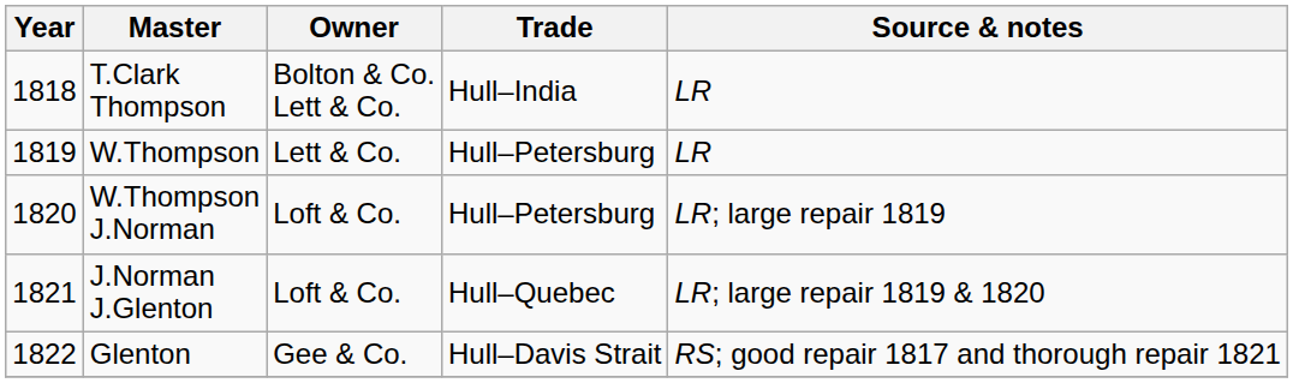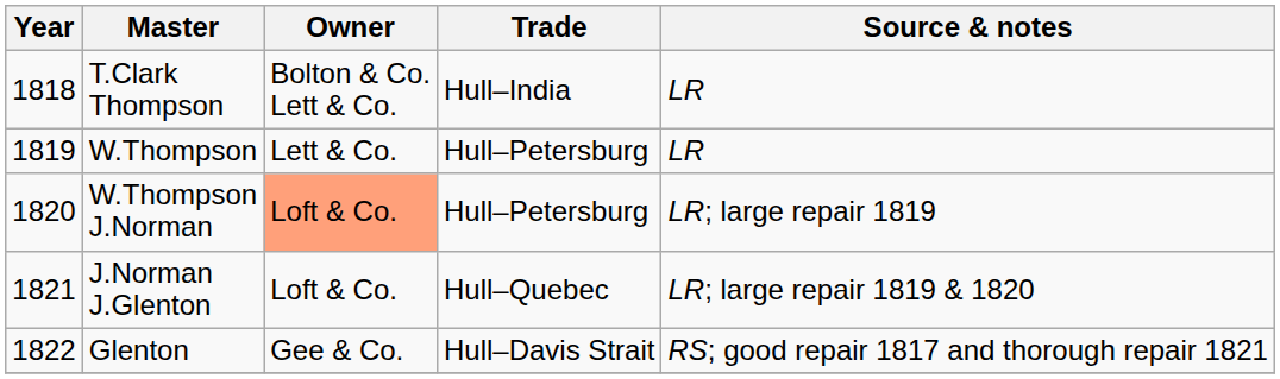 <table class=" wikitable">
 <tr>
 <th>Year</th>
 <th>Master</th>
 <th>Owner</th>
 <th>Trade</th>
 <th>Source & notes</th>
 </tr>
 <tr>
 <td>1818</td>
 <td>T.Clark<br>Thompson</td>
 <td>Bolton & Co.<br>Lett & Co.</td>
 <td>Hull–India</td>
 <td><em>LR</em></td>
 </tr>
 <tr>
 <td>1819</td>
 <td>W.Thompson</td>
 <td>Lett & Co.</td>
 <td>Hull–Petersburg</td>
 <td><em>LR</em></td>
 </tr>
 <tr>
 <td>1820</td>
 <td>W.Thompson<br>J.Norman</td>
-<td>Loft & Co.</td>
+<td style="background: lightsalmon;">Loft & Co.</td>
 <td>Hull–Petersburg</td>
 <td><em>LR</em>; large repair 1819</td>
 </tr>
 <tr>
 <td>1821</td>
 <td>J.Norman<br>J.Glenton</td>
 <td>Loft & Co.</td>
 <td>Hull–Quebec</td>
 <td><em>LR</em>; large repair 1819  & 1820</td>
 </tr>
 <tr>
 <td>1822</td>
 <td>Glenton</td>
 <td>Gee & Co.</td>
 <td>Hull–Davis Strait</td>
 <td><em>RS</em>; good repair 1817 and thorough repair 1821</td>
 </tr>
 <tr>
 </tr>
 </table>
